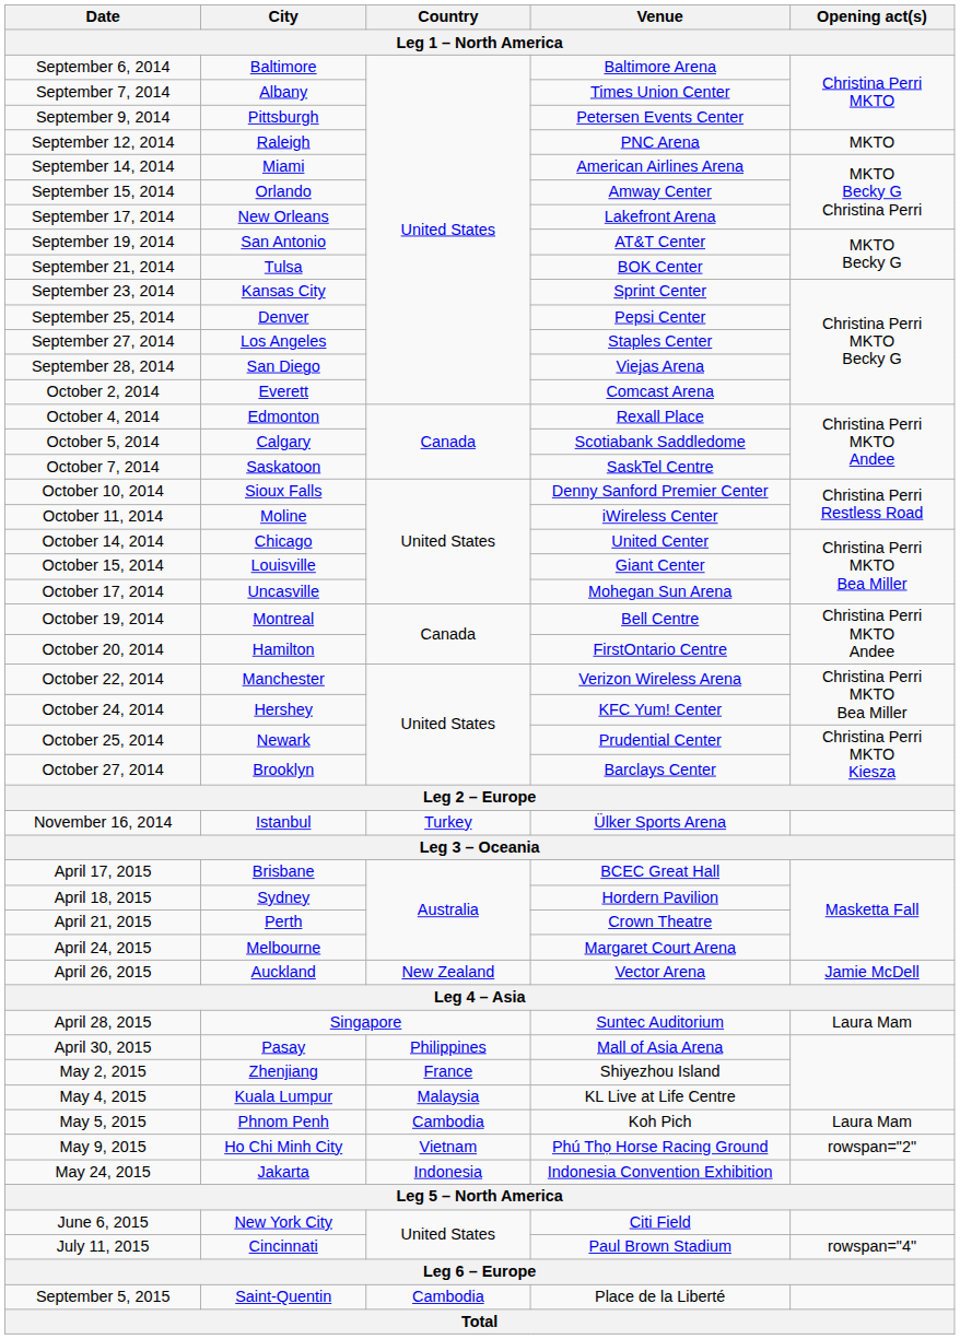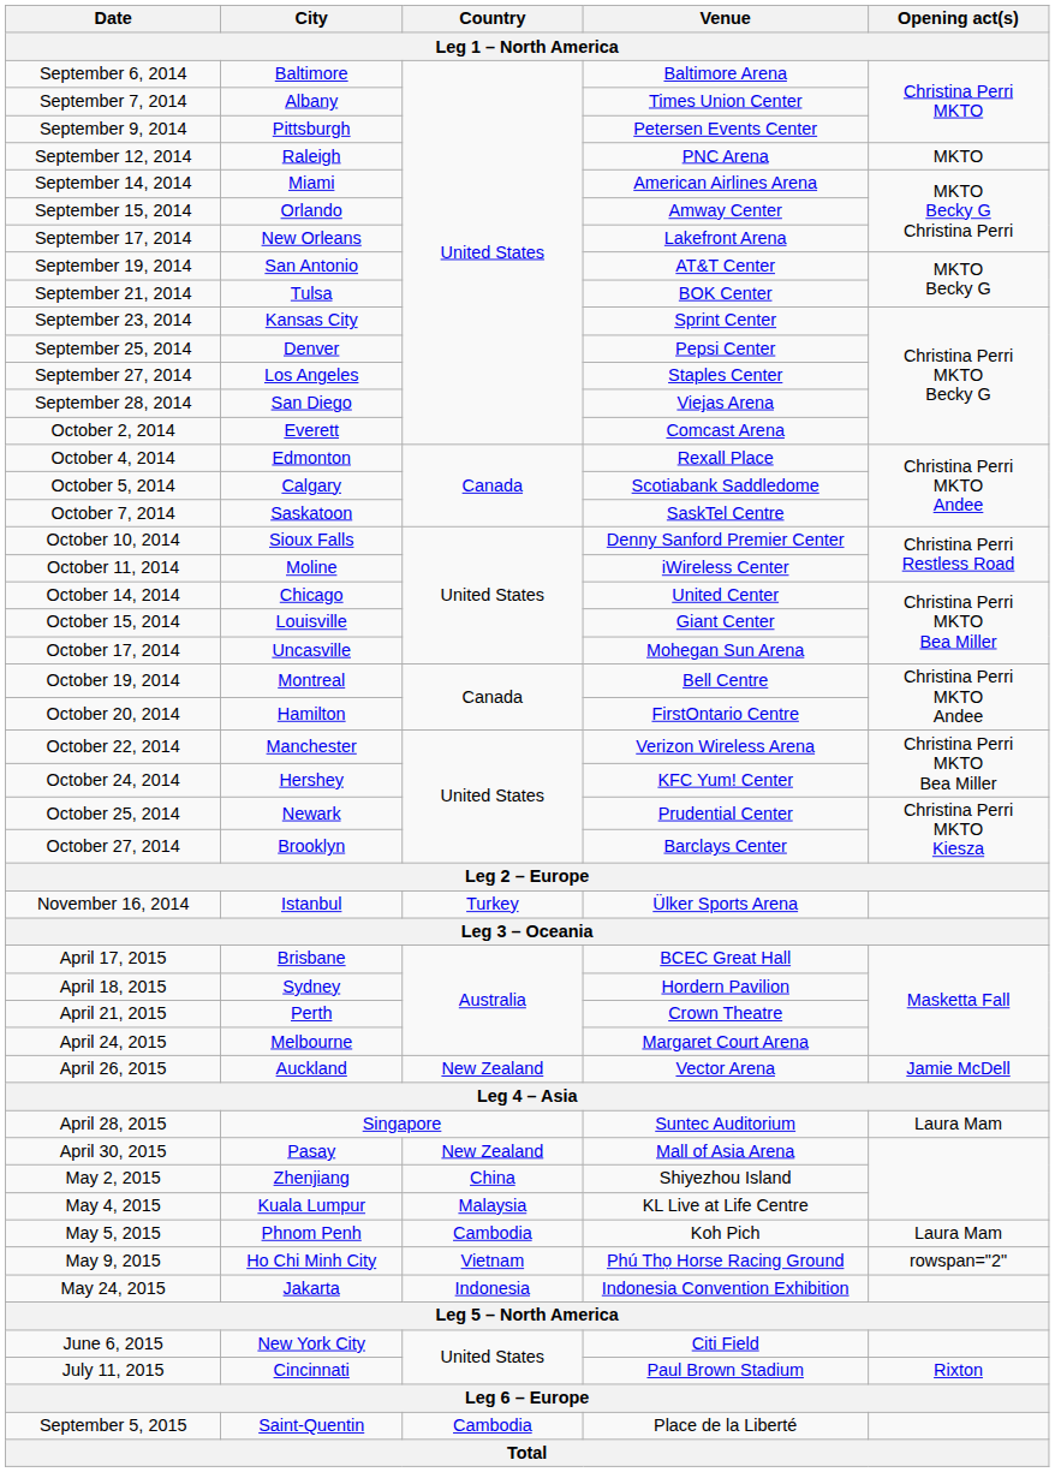 <table class="wikitable" style="text-align:center;">
 <tr>
 <th scope="col" style="width:12em;">Date</th>
 <th scope="col" style="width:10em;">City</th>
 <th scope="col" style="width:10em;">Country</th>
 <th scope="col" style="width:16em;">Venue</th>
 <th scope="col" style="width:10em;">Opening act(s)</th>
 </tr>
 <tr>
 <th colspan="5">Leg 1 – North America</th>
 </tr>
 <tr>
 <td>September 6, 2014</td>
 <td><a href='#'>Baltimore</a></td>
 <td rowspan="14"><a href='#'>United States</a></td>
 <td><a href='#'>Baltimore Arena</a></td>
 <td rowspan="3"><a href='#'>Christina Perri</a><br><a href='#'>MKTO</a></td>
 </tr>
 <tr>
 <td>September 7, 2014</td>
 <td><a href='#'>Albany</a></td>
 <td><a href='#'>Times Union Center</a></td>
 </tr>
 <tr>
 <td>September 9, 2014</td>
 <td><a href='#'>Pittsburgh</a></td>
 <td><a href='#'>Petersen Events Center</a></td>
 </tr>
 <tr>
 <td>September 12, 2014</td>
 <td><a href='#'>Raleigh</a></td>
 <td><a href='#'>PNC Arena</a></td>
 <td>MKTO</td>
 </tr>
 <tr>
 <td>September 14, 2014</td>
 <td><a href='#'>Miami</a></td>
 <td><a href='#'>American Airlines Arena</a></td>
 <td rowspan="3">MKTO<br><a href='#'>Becky G</a><br>Christina Perri</td>
 </tr>
 <tr>
 <td>September 15, 2014</td>
 <td><a href='#'>Orlando</a></td>
 <td><a href='#'>Amway Center</a></td>
 </tr>
 <tr>
 <td>September 17, 2014</td>
 <td><a href='#'>New Orleans</a></td>
 <td><a href='#'>Lakefront Arena</a></td>
 </tr>
 <tr>
 <td>September 19, 2014</td>
 <td><a href='#'>San Antonio</a></td>
 <td><a href='#'>AT&T Center</a></td>
 <td rowspan="2">MKTO<br>Becky G</td>
 </tr>
 <tr>
 <td>September 21, 2014</td>
 <td><a href='#'>Tulsa</a></td>
 <td><a href='#'>BOK Center</a></td>
 </tr>
 <tr>
 <td>September 23, 2014</td>
 <td><a href='#'>Kansas City</a></td>
 <td><a href='#'>Sprint Center</a></td>
 <td rowspan="5">Christina Perri<br>MKTO<br>Becky G</td>
 </tr>
 <tr>
 <td>September 25, 2014</td>
 <td><a href='#'>Denver</a></td>
 <td><a href='#'>Pepsi Center</a></td>
 </tr>
 <tr>
 <td>September 27, 2014</td>
 <td><a href='#'>Los Angeles</a></td>
 <td><a href='#'>Staples Center</a></td>
 </tr>
 <tr>
 <td>September 28, 2014</td>
 <td><a href='#'>San Diego</a></td>
 <td><a href='#'>Viejas Arena</a></td>
 </tr>
 <tr>
 <td>October 2, 2014</td>
 <td><a href='#'>Everett</a></td>
 <td><a href='#'>Comcast Arena</a></td>
 </tr>
 <tr>
 <td>October 4, 2014</td>
 <td><a href='#'>Edmonton</a></td>
 <td rowspan="3"><a href='#'>Canada</a></td>
 <td><a href='#'>Rexall Place</a></td>
 <td rowspan="3">Christina Perri<br>MKTO<br><a href='#'>Andee</a></td>
 </tr>
 <tr>
 <td>October 5, 2014</td>
 <td><a href='#'>Calgary</a></td>
 <td><a href='#'>Scotiabank Saddledome</a></td>
 </tr>
 <tr>
 <td>October 7, 2014</td>
 <td><a href='#'>Saskatoon</a></td>
 <td><a href='#'>SaskTel Centre</a></td>
 </tr>
 <tr>
 <td>October 10, 2014</td>
 <td><a href='#'>Sioux Falls</a></td>
 <td rowspan="5">United States</td>
 <td><a href='#'>Denny Sanford Premier Center</a></td>
 <td rowspan="2">Christina Perri<br><a href='#'>Restless Road</a></td>
 </tr>
 <tr>
 <td>October 11, 2014</td>
 <td><a href='#'>Moline</a></td>
 <td><a href='#'>iWireless Center</a></td>
 </tr>
 <tr>
 <td>October 14, 2014</td>
 <td><a href='#'>Chicago</a></td>
 <td><a href='#'>United Center</a></td>
 <td rowspan="3">Christina Perri<br>MKTO<br><a href='#'>Bea Miller</a></td>
 </tr>
 <tr>
 <td>October 15, 2014</td>
 <td><a href='#'>Louisville</a></td>
 <td><a href='#'>Giant Center</a></td>
 </tr>
 <tr>
 <td>October 17, 2014</td>
 <td><a href='#'>Uncasville</a></td>
 <td><a href='#'>Mohegan Sun Arena</a></td>
 </tr>
 <tr>
 <td>October 19, 2014</td>
 <td><a href='#'>Montreal</a></td>
 <td rowspan="2">Canada</td>
 <td><a href='#'>Bell Centre</a></td>
 <td rowspan="2">Christina Perri<br>MKTO<br>Andee</td>
 </tr>
 <tr>
 <td>October 20, 2014</td>
 <td><a href='#'>Hamilton</a></td>
 <td><a href='#'>FirstOntario Centre</a></td>
 </tr>
 <tr>
 <td>October 22, 2014</td>
 <td><a href='#'>Manchester</a></td>
 <td rowspan="4">United States</td>
 <td><a href='#'>Verizon Wireless Arena</a></td>
 <td rowspan="2">Christina Perri<br>MKTO<br>Bea Miller</td>
 </tr>
 <tr>
 <td>October 24, 2014</td>
 <td><a href='#'>Hershey</a></td>
 <td><a href='#'>KFC Yum! Center</a></td>
 </tr>
 <tr>
 <td>October 25, 2014</td>
 <td><a href='#'>Newark</a></td>
 <td><a href='#'>Prudential Center</a></td>
 <td rowspan="2">Christina Perri<br>MKTO<br><a href='#'>Kiesza</a></td>
 </tr>
 <tr>
 <td>October 27, 2014</td>
 <td><a href='#'>Brooklyn</a></td>
 <td><a href='#'>Barclays Center</a></td>
 </tr>
 <tr>
 <th colspan="5">Leg 2 – Europe</th>
 </tr>
 <tr>
 <td>November 16, 2014</td>
 <td><a href='#'>Istanbul</a></td>
 <td><a href='#'>Turkey</a></td>
 <td><a href='#'>Ülker Sports Arena</a></td>
 <td></td>
 </tr>
 <tr>
 <th colspan="5">Leg 3 – Oceania</th>
 </tr>
 <tr>
 <td>April 17, 2015</td>
 <td><a href='#'>Brisbane</a></td>
 <td rowspan="4"><a href='#'>Australia</a></td>
 <td><a href='#'>BCEC Great Hall</a></td>
 <td rowspan="4"><a href='#'>Masketta Fall</a></td>
 </tr>
 <tr>
 <td>April 18, 2015</td>
 <td><a href='#'>Sydney</a></td>
 <td><a href='#'>Hordern Pavilion</a></td>
 </tr>
 <tr>
 <td>April 21, 2015</td>
 <td><a href='#'>Perth</a></td>
 <td><a href='#'>Crown Theatre</a></td>
 </tr>
 <tr>
 <td>April 24, 2015</td>
 <td><a href='#'>Melbourne</a></td>
 <td><a href='#'>Margaret Court Arena</a></td>
 </tr>
 <tr>
 <td>April 26, 2015</td>
 <td><a href='#'>Auckland</a></td>
 <td><a href='#'>New Zealand</a></td>
 <td><a href='#'>Vector Arena</a></td>
 <td><a href='#'>Jamie McDell</a></td>
 </tr>
 <tr>
 <th colspan="5">Leg 4 – Asia</th>
 </tr>
 <tr>
 <td>April 28, 2015</td>
 <td colspan=2><a href='#'>Singapore</a></td>
 <td><a href='#'>Suntec Auditorium</a></td>
 <td>Laura Mam</td>
 </tr>
 <tr>
 <td>April 30, 2015</td>
 <td><a href='#'>Pasay</a></td>
-<td><a href='#'>Philippines</a></td>
+<td><a href='#'>New Zealand</a></td>
 <td><a href='#'>Mall of Asia Arena</a></td>
 </tr>
 <tr>
 <td>May 2, 2015</td>
 <td><a href='#'>Zhenjiang</a></td>
-<td><a href='#'>France</a></td>
+<td><a href='#'>China</a></td>
 <td>Shiyezhou Island</td>
 </tr>
 <tr>
 <td>May 4, 2015</td>
 <td><a href='#'>Kuala Lumpur</a></td>
 <td><a href='#'>Malaysia</a></td>
 <td>KL Live at Life Centre</td>
 </tr>
 <tr>
 <td>May 5, 2015</td>
 <td><a href='#'>Phnom Penh</a></td>
 <td><a href='#'>Cambodia</a></td>
 <td>Koh Pich</td>
 <td>Laura Mam</td>
 </tr>
 <tr>
 <td>May 9, 2015</td>
 <td><a href='#'>Ho Chi Minh City</a></td>
 <td><a href='#'>Vietnam</a></td>
 <td><a href='#'>Phú Thọ Horse Racing Ground</a></td>
 <td>rowspan="2" </td>
 </tr>
 <tr>
 <td>May 24, 2015</td>
 <td><a href='#'>Jakarta</a></td>
 <td><a href='#'>Indonesia</a></td>
 <td><a href='#'>Indonesia Convention Exhibition</a></td>
 </tr>
 <tr>
 <th colspan="5">Leg 5 – North America</th>
 </tr>
 <tr>
 <td>June 6, 2015</td>
 <td><a href='#'>New York City</a></td>
 <td rowspan="2">United States</td>
 <td><a href='#'>Citi Field</a></td>
 <td></td>
 </tr>
 <tr>
 <td>July 11, 2015</td>
 <td><a href='#'>Cincinnati</a></td>
 <td><a href='#'>Paul Brown Stadium</a></td>
-<td>rowspan="4" </td>
+<td><a href='#'>Rixton</a></td>
 </tr>
 <tr>
 <th colspan="5">Leg 6 – Europe</th>
 </tr>
 <tr>
 <td>September 5, 2015</td>
 <td><a href='#'>Saint-Quentin</a></td>
 <td><a href='#'>Cambodia</a></td>
 <td>Place de la Liberté</td>
 <td></td>
 </tr>
 <tr>
 <th colspan="5">Total</th>
 </tr>
 </table>
